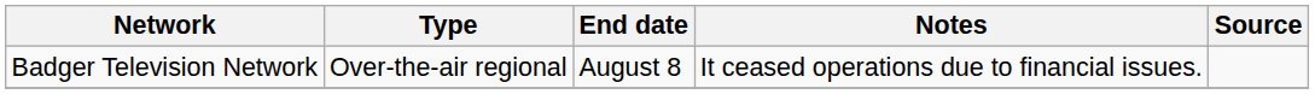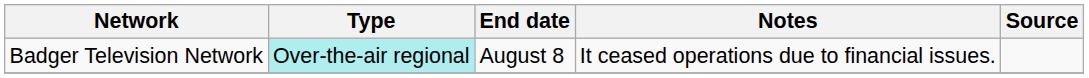 <table class="wikitable sortable">
 <tr>
 <th>Network</th>
 <th>Type</th>
 <th>End date</th>
 <th>Notes</th>
 <th>Source</th>
 </tr>
 <tr>
 <td>Badger Television Network</td>
-<td>Over-the-air regional</td>
+<td style="background: paleturquoise;">Over-the-air regional</td>
 <td>August 8</td>
 <td>It ceased operations due to financial issues.</td>
 <td></td>
 </tr>
 <tr>
 </tr>
 </table>
